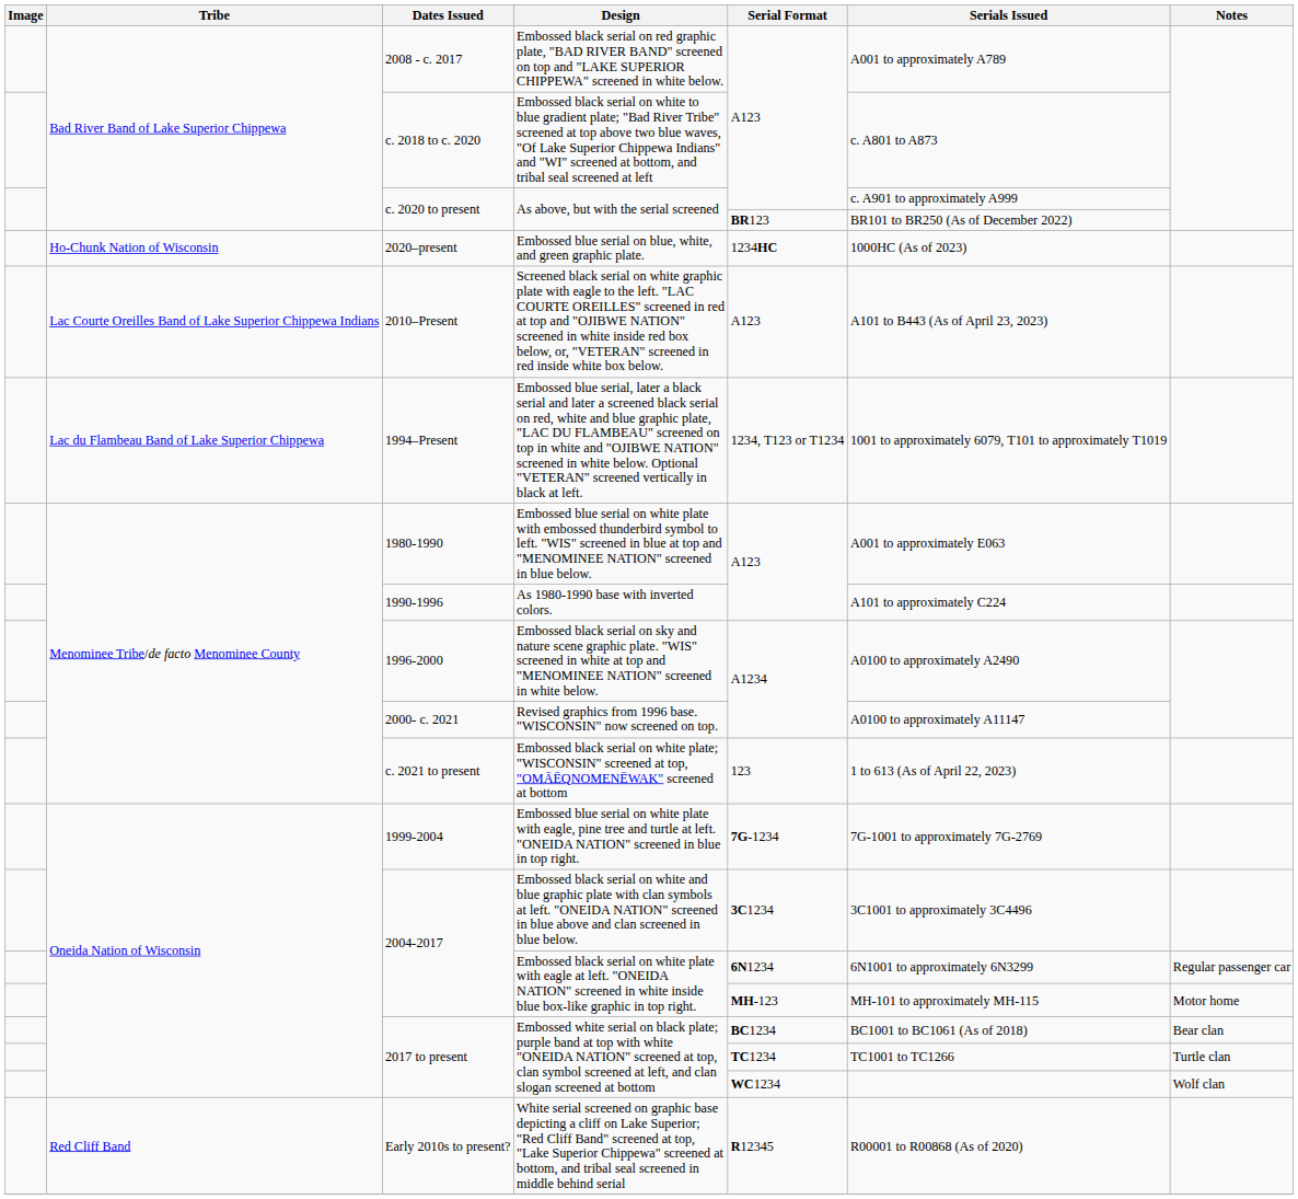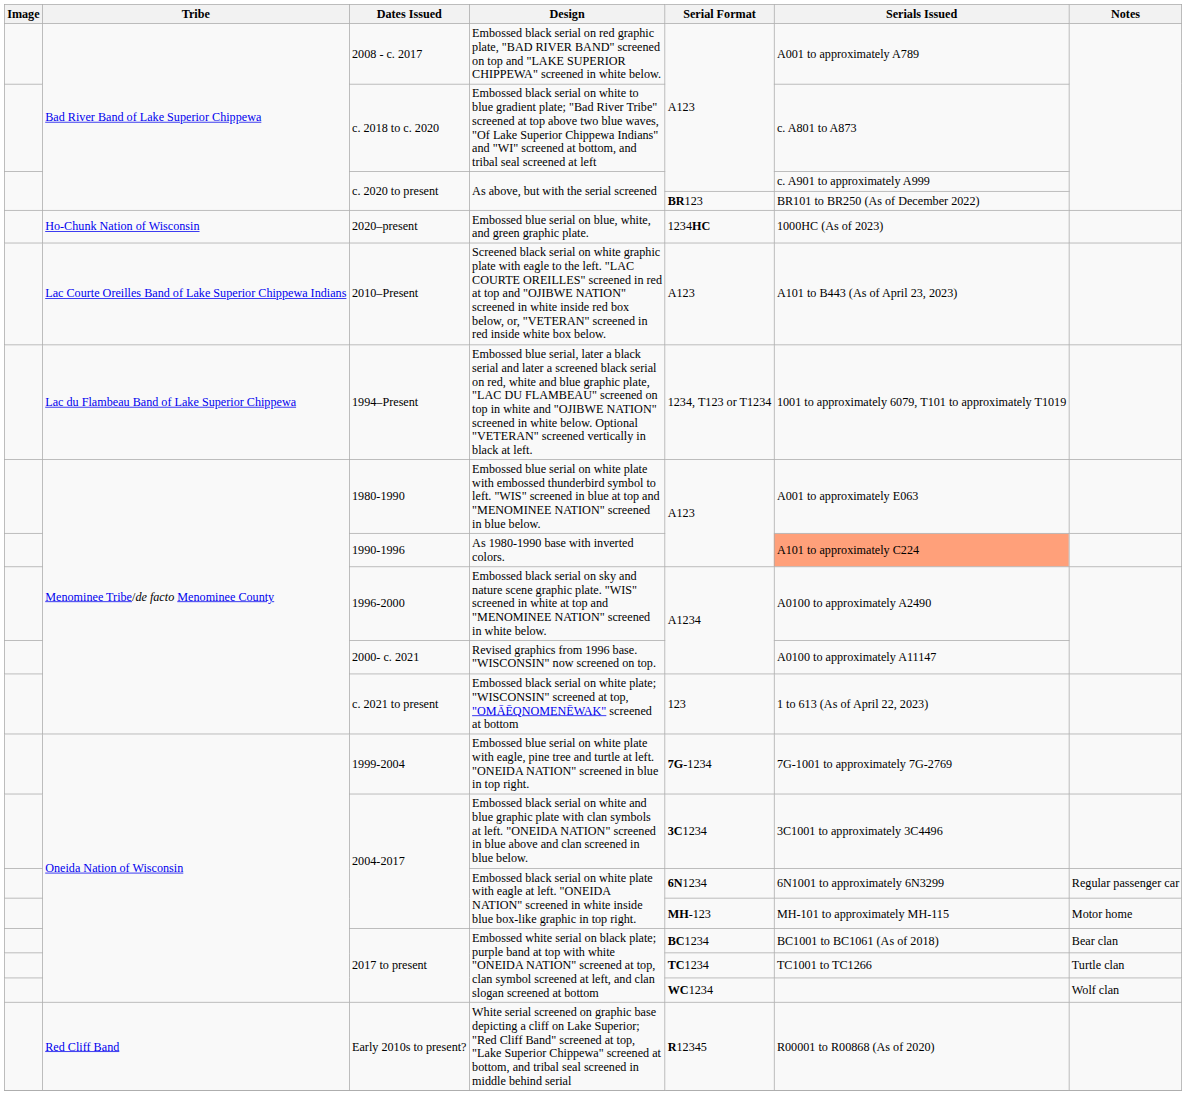 <table class="wikitable">
 <tr>
 <th>Image</th>
 <th>Tribe</th>
 <th>Dates Issued</th>
 <th style="width:250px;">Design</th>
 <th>Serial Format</th>
 <th>Serials Issued</th>
 <th>Notes</th>
 </tr>
 <tr>
 <td></td>
 <td rowspan="4"><a href='#'>Bad River Band of Lake Superior Chippewa</a></td>
 <td>2008 - c. 2017</td>
 <td>Embossed black serial on red graphic plate, "BAD RIVER BAND" screened on top and "LAKE SUPERIOR CHIPPEWA" screened in white below.</td>
 <td rowspan="3">A123</td>
 <td>A001 to approximately A789</td>
 <td rowspan="4"></td>
 </tr>
 <tr>
 <td></td>
 <td>c. 2018 to c. 2020</td>
 <td>Embossed black serial on white to blue gradient plate; "Bad River Tribe" screened at top above two blue waves, "Of Lake Superior Chippewa Indians" and "WI" screened at bottom, and tribal seal screened at left</td>
 <td>c. A801 to A873</td>
 </tr>
 <tr>
 <td rowspan="2"></td>
 <td rowspan="2">c. 2020 to present</td>
 <td rowspan="2">As above, but with the serial screened</td>
 <td>c. A901 to approximately A999</td>
 </tr>
 <tr>
 <td><strong>BR</strong>123</td>
 <td>BR101 to BR250 (As of December 2022)</td>
 </tr>
 <tr>
 <td></td>
 <td><a href='#'>Ho-Chunk Nation of Wisconsin</a></td>
 <td>2020–present</td>
 <td>Embossed blue serial on blue, white, and green graphic plate.</td>
 <td>1234<strong>HC</strong></td>
 <td>1000HC (As of 2023)</td>
 <td></td>
 </tr>
 <tr>
 <td></td>
 <td><a href='#'>Lac Courte Oreilles Band of Lake Superior Chippewa Indians</a></td>
 <td>2010–Present</td>
 <td>Screened black serial on white graphic plate with eagle to the left. "LAC COURTE OREILLES" screened in red at top and "OJIBWE NATION" screened in white inside red box below, or, "VETERAN" screened in red inside white box below.</td>
 <td>A123</td>
 <td>A101 to B443 (As of April 23, 2023)</td>
 <td></td>
 </tr>
 <tr>
 <td></td>
 <td><a href='#'>Lac du Flambeau Band of Lake Superior Chippewa</a></td>
 <td>1994–Present</td>
 <td>Embossed blue serial, later a black serial and later a screened black serial on red, white and blue graphic plate, "LAC DU FLAMBEAU" screened on top in white and "OJIBWE NATION" screened in white below. Optional "VETERAN" screened vertically in black at left.</td>
 <td>1234, T123 or T1234</td>
 <td>1001 to approximately 6079, T101 to approximately T1019</td>
 <td></td>
 </tr>
 <tr>
 <td></td>
 <td rowspan="5"><a href='#'>Menominee Tribe</a>/<em>de facto</em> <a href='#'>Menominee County</a></td>
 <td>1980-1990</td>
 <td>Embossed blue serial on white plate with embossed thunderbird symbol to left. "WIS" screened in blue at top and "MENOMINEE NATION" screened in blue below.</td>
 <td rowspan="2">A123</td>
 <td>A001 to approximately E063</td>
 <td></td>
 </tr>
 <tr>
 <td></td>
 <td>1990-1996</td>
 <td>As 1980-1990 base with inverted colors.</td>
-<td>A101 to approximately C224</td>
+<td style="background: lightsalmon;">A101 to approximately C224</td>
 <td></td>
 </tr>
 <tr>
 <td></td>
 <td>1996-2000</td>
 <td>Embossed black serial on sky and nature scene graphic plate. "WIS" screened in white at top and "MENOMINEE NATION" screened in white below.</td>
 <td rowspan="2">A1234</td>
 <td>A0100 to approximately A2490</td>
 </tr>
 <tr>
 <td></td>
 <td>2000- c. 2021</td>
 <td>Revised graphics from 1996 base. "WISCONSIN" now screened on top.</td>
 <td>A0100 to approximately A11147</td>
 </tr>
 <tr>
 <td></td>
 <td>c. 2021 to present</td>
 <td>Embossed black serial on white plate; "WISCONSIN" screened at top, <a href='#'>"OMĀĒQNOMENĒWAK"</a> screened at bottom</td>
 <td>123</td>
 <td>1 to 613 (As of April 22, 2023)</td>
 <td></td>
 </tr>
 <tr>
 <td></td>
 <td rowspan="7"><a href='#'>Oneida Nation of Wisconsin</a></td>
 <td>1999-2004</td>
 <td>Embossed blue serial on white plate with eagle, pine tree and turtle at left. "ONEIDA NATION" screened in blue in top right.</td>
 <td><strong>7G</strong>-1234</td>
 <td>7G-1001 to approximately 7G-2769</td>
 <td></td>
 </tr>
 <tr>
 <td></td>
 <td rowspan="3">2004-2017</td>
 <td>Embossed black serial on white and blue graphic plate with clan symbols at left. "ONEIDA NATION" screened in blue above and clan screened in blue below.</td>
 <td><strong>3C</strong>1234</td>
 <td>3C1001 to approximately 3C4496</td>
 </tr>
 <tr>
 <td></td>
 <td rowspan="2">Embossed black serial on white plate with eagle at left. "ONEIDA NATION" screened in white inside blue box-like graphic in top right.</td>
 <td><strong>6N</strong>1234</td>
 <td>6N1001 to approximately 6N3299</td>
 <td>Regular passenger car</td>
 </tr>
 <tr>
 <td></td>
 <td><strong>MH</strong>-123</td>
 <td>MH-101 to approximately MH-115</td>
 <td>Motor home</td>
 </tr>
 <tr>
 <td></td>
 <td rowspan="3">2017 to present</td>
 <td rowspan="3">Embossed white serial on black plate; purple band at top with white "ONEIDA NATION" screened at top, clan symbol screened at left, and clan slogan screened at bottom</td>
 <td><strong>BC</strong>1234</td>
 <td>BC1001 to BC1061 (As of 2018)</td>
 <td>Bear clan</td>
 </tr>
 <tr>
 <td></td>
 <td><strong>TC</strong>1234</td>
 <td>TC1001 to TC1266</td>
 <td>Turtle clan</td>
 </tr>
 <tr>
 <td></td>
 <td><strong>WC</strong>1234</td>
 <td></td>
 <td>Wolf clan</td>
 </tr>
 <tr>
 <td></td>
 <td><a href='#'>Red Cliff Band</a></td>
 <td>Early 2010s to present?</td>
 <td>White serial screened on graphic base depicting a cliff on Lake Superior; "Red Cliff Band" screened at top, "Lake Superior Chippewa" screened at bottom, and tribal seal screened in middle behind serial</td>
 <td><strong>R</strong>12345</td>
 <td>R00001 to R00868 (As of 2020)</td>
 <td></td>
 </tr>
 <tr>
 </tr>
 </table>
